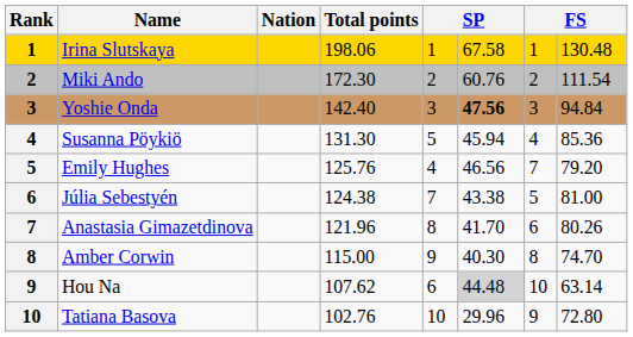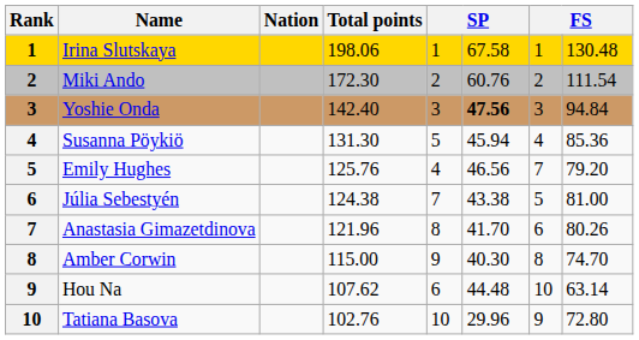 <table class="wikitable">
 <tr>
 <th>Rank</th>
 <th>Name</th>
 <th>Nation</th>
 <th>Total points</th>
 <th colspan="2" width="80px"><a href='#'>SP</a></th>
 <th colspan="2" width="80px"><a href='#'>FS</a></th>
 </tr>
 <tr bgcolor="gold">
 <td align="center"><strong>1</strong></td>
 <td><a href='#'>Irina Slutskaya</a></td>
 <td></td>
 <td>198.06</td>
 <td>1</td>
 <td>67.58</td>
 <td>1</td>
 <td>130.48</td>
 </tr>
 <tr bgcolor="silver">
 <td align="center"><strong>2</strong></td>
 <td><a href='#'>Miki Ando</a></td>
 <td></td>
 <td>172.30</td>
 <td>2</td>
 <td>60.76</td>
 <td>2</td>
 <td>111.54</td>
 </tr>
 <tr bgcolor="cc9966">
 <td align="center"><strong>3</strong></td>
 <td><a href='#'>Yoshie Onda</a></td>
 <td></td>
 <td>142.40</td>
 <td>3</td>
 <td><strong>47.56</strong></td>
 <td>3</td>
 <td>94.84</td>
 </tr>
 <tr>
 <th>4</th>
 <td><a href='#'>Susanna Pöykiö</a></td>
 <td></td>
 <td>131.30</td>
 <td>5</td>
 <td>45.94</td>
 <td>4</td>
 <td>85.36</td>
 </tr>
 <tr>
 <th>5</th>
 <td><a href='#'>Emily Hughes</a></td>
 <td></td>
 <td>125.76</td>
 <td>4</td>
 <td>46.56</td>
 <td>7</td>
 <td>79.20</td>
 </tr>
 <tr>
 <th>6</th>
 <td><a href='#'>Júlia Sebestyén</a></td>
 <td></td>
 <td>124.38</td>
 <td>7</td>
 <td>43.38</td>
 <td>5</td>
 <td>81.00</td>
 </tr>
 <tr>
 <th>7</th>
 <td><a href='#'>Anastasia Gimazetdinova</a></td>
 <td></td>
 <td>121.96</td>
 <td>8</td>
 <td>41.70</td>
 <td>6</td>
 <td>80.26</td>
 </tr>
 <tr>
 <th>8</th>
 <td><a href='#'>Amber Corwin</a></td>
 <td></td>
 <td>115.00</td>
 <td>9</td>
 <td>40.30</td>
 <td>8</td>
 <td>74.70</td>
 </tr>
 <tr>
 <th>9</th>
 <td>Hou Na</td>
 <td></td>
 <td>107.62</td>
 <td>6</td>
-<td style="background: lightgrey;">44.48</td>
+<td>44.48</td>
 <td>10</td>
 <td>63.14</td>
 </tr>
 <tr>
 <th>10</th>
 <td><a href='#'>Tatiana Basova</a></td>
 <td></td>
 <td>102.76</td>
 <td>10</td>
 <td>29.96</td>
 <td>9</td>
 <td>72.80</td>
 </tr>
 </table>
